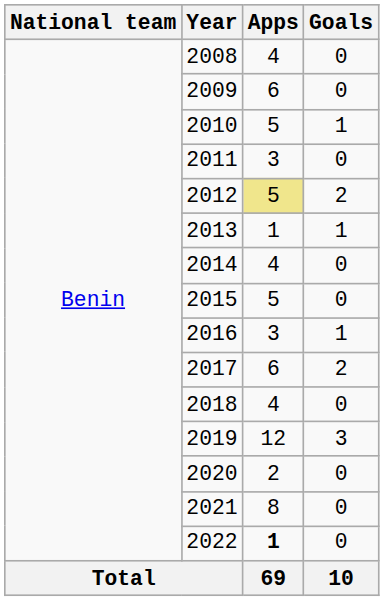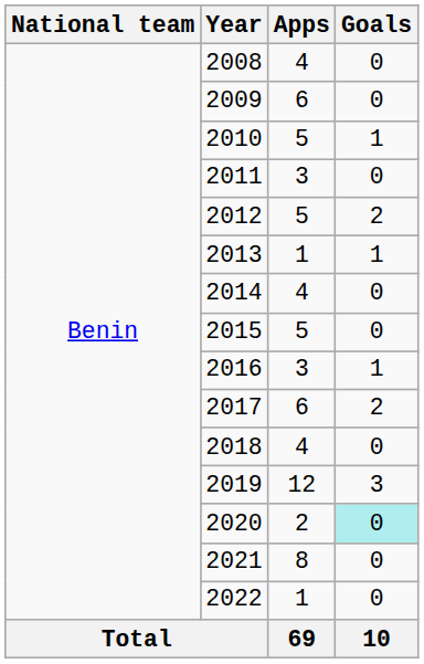 <table class="wikitable" style="text-align:center">
 <tr>
 <th>National team</th>
 <th>Year</th>
 <th>Apps</th>
 <th>Goals</th>
 </tr>
 <tr>
 <td rowspan="15"><a href='#'>Benin</a></td>
 <td>2008</td>
 <td>4</td>
 <td>0</td>
 </tr>
 <tr>
 <td>2009</td>
 <td>6</td>
 <td>0</td>
 </tr>
 <tr>
 <td>2010</td>
 <td>5</td>
 <td>1</td>
 </tr>
 <tr>
 <td>2011</td>
 <td>3</td>
 <td>0</td>
 </tr>
 <tr>
 <td>2012</td>
-<td style="background: khaki;">5</td>
+<td>5</td>
 <td>2</td>
 </tr>
 <tr>
 <td>2013</td>
 <td>1</td>
 <td>1</td>
 </tr>
 <tr>
 <td>2014</td>
 <td>4</td>
 <td>0</td>
 </tr>
 <tr>
 <td>2015</td>
 <td>5</td>
 <td>0</td>
 </tr>
 <tr>
 <td>2016</td>
 <td>3</td>
 <td>1</td>
 </tr>
 <tr>
 <td>2017</td>
 <td>6</td>
 <td>2</td>
 </tr>
 <tr>
 <td>2018</td>
 <td>4</td>
 <td>0</td>
 </tr>
 <tr>
 <td>2019</td>
 <td>12</td>
 <td>3</td>
 </tr>
 <tr>
 <td>2020</td>
 <td>2</td>
-<td>0</td>
+<td style="background: paleturquoise;">0</td>
 </tr>
 <tr>
 <td>2021</td>
 <td>8</td>
 <td>0</td>
 </tr>
 <tr>
 <td>2022</td>
-<td><strong>1</strong></td>
+<td>1</td>
 <td>0</td>
 </tr>
 <tr>
 <th colspan="2">Total</th>
 <th>69</th>
 <th>10</th>
 </tr>
 </table>
